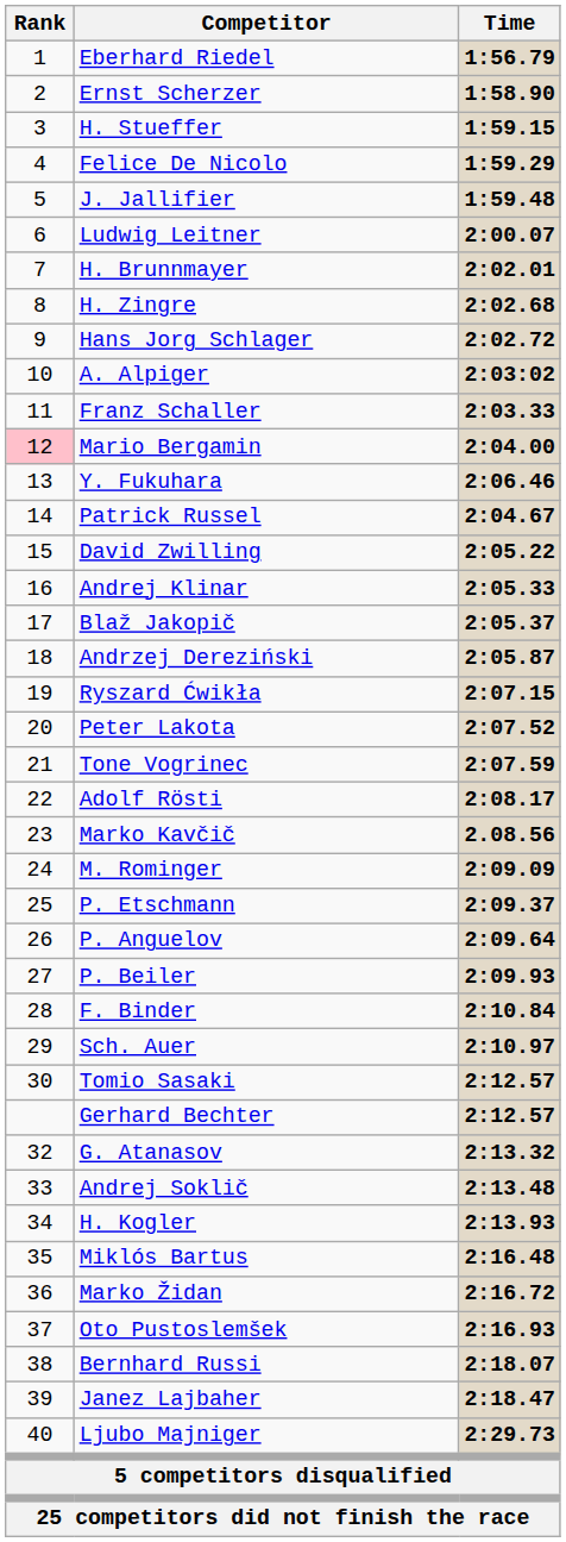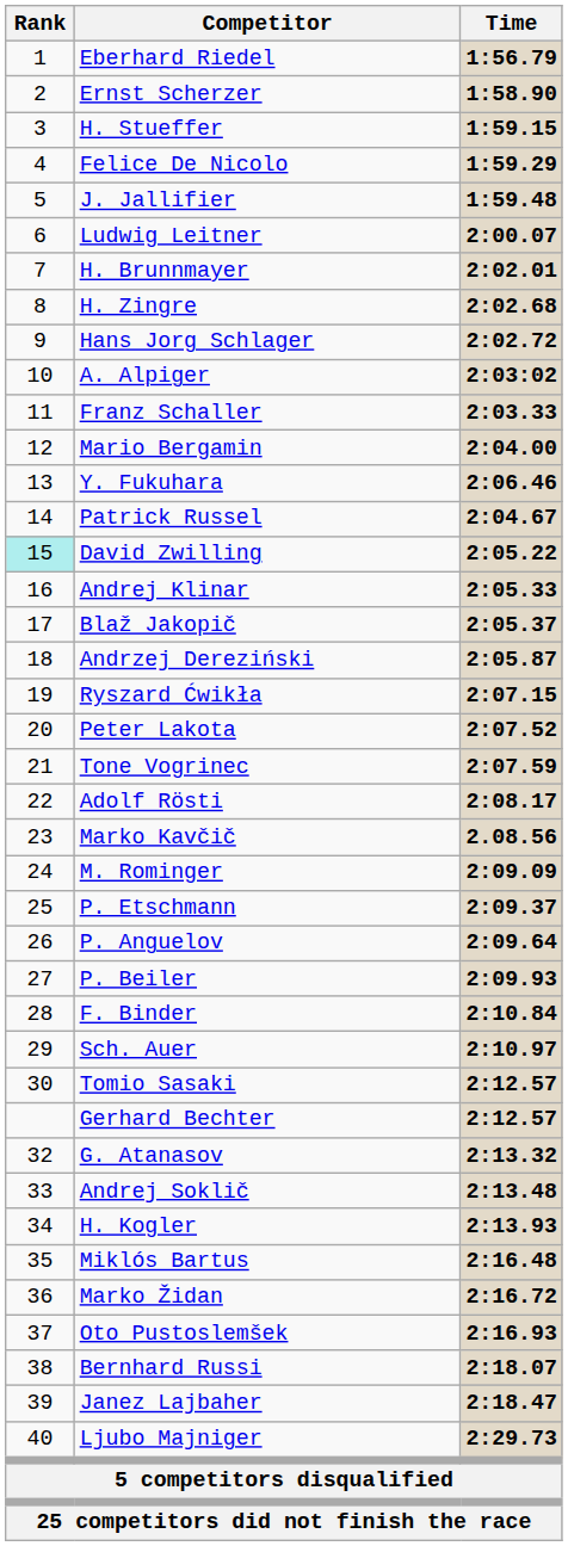 <table class="wikitable">
 <tr>
 <th width=35>Rank</th>
 <th width=225>Competitor</th>
 <th width=50>Time</th>
 </tr>
 <tr>
 <td align=center>1</td>
 <td> <a href='#'>Eberhard Riedel</a></td>
 <td align=center bgcolor=#E3DAC9><strong>1:56.79</strong></td>
 </tr>
 <tr>
 <td align=center>2</td>
 <td> <a href='#'>Ernst Scherzer</a></td>
 <td align=center bgcolor=#E3DAC9><strong>1:58.90</strong></td>
 </tr>
 <tr>
 <td align=center>3</td>
 <td> <a href='#'>H. Stueffer</a></td>
 <td align=center bgcolor=#E3DAC9><strong>1:59.15</strong></td>
 </tr>
 <tr>
 <td align=center>4</td>
 <td> <a href='#'>Felice De Nicolo</a></td>
 <td align=center bgcolor=#E3DAC9><strong>1:59.29</strong></td>
 </tr>
 <tr>
 <td align=center>5</td>
 <td> <a href='#'>J. Jallifier</a></td>
 <td align=center bgcolor=#E3DAC9><strong>1:59.48</strong></td>
 </tr>
 <tr>
 <td align=center>6</td>
 <td> <a href='#'>Ludwig Leitner</a></td>
 <td align=center bgcolor=#E3DAC9><strong>2:00.07</strong></td>
 </tr>
 <tr>
 <td align=center>7</td>
 <td> <a href='#'>H. Brunnmayer</a></td>
 <td align=center bgcolor=#E3DAC9><strong>2:02.01</strong></td>
 </tr>
 <tr>
 <td align=center>8</td>
 <td> <a href='#'>H. Zingre</a></td>
 <td align=center bgcolor=#E3DAC9><strong>2:02.68</strong></td>
 </tr>
 <tr>
 <td align=center>9</td>
 <td> <a href='#'>Hans Jorg Schlager</a></td>
 <td align=center bgcolor=#E3DAC9><strong>2:02.72</strong></td>
 </tr>
 <tr>
 <td align=center>10</td>
 <td> <a href='#'>A. Alpiger</a></td>
 <td align=center bgcolor=#E3DAC9><strong>2:03:02</strong></td>
 </tr>
 <tr>
 <td align=center>11</td>
 <td> <a href='#'>Franz Schaller</a></td>
 <td align=center bgcolor=#E3DAC9><strong>2:03.33</strong></td>
 </tr>
 <tr>
-<td align=center style="background: pink;">12</td>
+<td align=center>12</td>
 <td> <a href='#'>Mario Bergamin</a></td>
 <td align=center bgcolor=#E3DAC9><strong>2:04.00</strong></td>
 </tr>
 <tr>
 <td align=center>13</td>
 <td> <a href='#'>Y. Fukuhara</a></td>
 <td align=center bgcolor=#E3DAC9><strong>2:06.46</strong></td>
 </tr>
 <tr>
 <td align=center>14</td>
 <td> <a href='#'>Patrick Russel</a></td>
 <td align=center bgcolor=#E3DAC9><strong>2:04.67</strong></td>
 </tr>
 <tr>
-<td align=center>15</td>
+<td align=center style="background: paleturquoise;">15</td>
 <td> <a href='#'>David Zwilling</a></td>
 <td align=center bgcolor=#E3DAC9><strong>2:05.22</strong></td>
 </tr>
 <tr>
 <td align=center>16</td>
 <td> <a href='#'>Andrej Klinar</a></td>
 <td align=center bgcolor=#E3DAC9><strong>2:05.33</strong></td>
 </tr>
 <tr>
 <td align=center>17</td>
 <td> <a href='#'>Blaž Jakopič</a></td>
 <td align=center bgcolor=#E3DAC9><strong>2:05.37</strong></td>
 </tr>
 <tr>
 <td align=center>18</td>
 <td> <a href='#'>Andrzej Dereziński</a></td>
 <td align=center bgcolor=#E3DAC9><strong>2:05.87</strong></td>
 </tr>
 <tr>
 <td align=center>19</td>
 <td> <a href='#'>Ryszard Ćwikła</a></td>
 <td align=center bgcolor=#E3DAC9><strong>2:07.15</strong></td>
 </tr>
 <tr>
 <td align=center>20</td>
 <td> <a href='#'>Peter Lakota</a></td>
 <td align=center bgcolor=#E3DAC9><strong>2:07.52</strong></td>
 </tr>
 <tr>
 <td align=center>21</td>
 <td> <a href='#'>Tone Vogrinec</a></td>
 <td align=center bgcolor=#E3DAC9><strong>2:07.59</strong></td>
 </tr>
 <tr>
 <td align=center>22</td>
 <td> <a href='#'>Adolf Rösti</a></td>
 <td align=center bgcolor=#E3DAC9><strong>2:08.17</strong></td>
 </tr>
 <tr>
 <td align=center>23</td>
 <td> <a href='#'>Marko Kavčič</a></td>
 <td align=center bgcolor=#E3DAC9><strong>2.08.56</strong></td>
 </tr>
 <tr>
 <td align=center>24</td>
 <td> <a href='#'>M. Rominger</a></td>
 <td align=center bgcolor=#E3DAC9><strong>2:09.09</strong></td>
 </tr>
 <tr>
 <td align=center>25</td>
 <td> <a href='#'>P. Etschmann</a></td>
 <td align=center bgcolor=#E3DAC9><strong>2:09.37</strong></td>
 </tr>
 <tr>
 <td align=center>26</td>
 <td> <a href='#'>P. Anguelov</a></td>
 <td align=center bgcolor=#E3DAC9><strong>2:09.64</strong></td>
 </tr>
 <tr>
 <td align=center>27</td>
 <td> <a href='#'>P. Beiler</a></td>
 <td align=center bgcolor=#E3DAC9><strong>2:09.93</strong></td>
 </tr>
 <tr>
 <td align=center>28</td>
 <td> <a href='#'>F. Binder</a></td>
 <td align=center bgcolor=#E3DAC9><strong>2:10.84</strong></td>
 </tr>
 <tr>
 <td align=center>29</td>
 <td> <a href='#'>Sch. Auer</a></td>
 <td align=center bgcolor=#E3DAC9><strong>2:10.97</strong></td>
 </tr>
 <tr>
 <td align=center>30</td>
 <td> <a href='#'>Tomio Sasaki</a></td>
 <td align=center bgcolor=#E3DAC9><strong>2:12.57</strong></td>
 </tr>
 <tr>
 <td align=center></td>
 <td> <a href='#'>Gerhard Bechter</a></td>
 <td align=center bgcolor=#E3DAC9><strong>2:12.57</strong></td>
 </tr>
 <tr>
 <td align=center>32</td>
 <td> <a href='#'>G. Atanasov</a></td>
 <td align=center bgcolor=#E3DAC9><strong>2:13.32</strong></td>
 </tr>
 <tr>
 <td align=center>33</td>
 <td> <a href='#'>Andrej Soklič</a></td>
 <td align=center bgcolor=#E3DAC9><strong>2:13.48</strong></td>
 </tr>
 <tr>
 <td align=center>34</td>
 <td> <a href='#'>H. Kogler</a></td>
 <td align=center bgcolor=#E3DAC9><strong>2:13.93</strong></td>
 </tr>
 <tr>
 <td align=center>35</td>
 <td> <a href='#'>Miklós Bartus</a></td>
 <td align=center bgcolor=#E3DAC9><strong>2:16.48</strong></td>
 </tr>
 <tr>
 <td align=center>36</td>
 <td> <a href='#'>Marko Židan</a></td>
 <td align=center bgcolor=#E3DAC9><strong>2:16.72</strong></td>
 </tr>
 <tr>
 <td align=center>37</td>
 <td> <a href='#'>Oto Pustoslemšek</a></td>
 <td align=center bgcolor=#E3DAC9><strong>2:16.93</strong></td>
 </tr>
 <tr>
 <td align=center>38</td>
 <td> <a href='#'>Bernhard Russi</a></td>
 <td align=center bgcolor=#E3DAC9><strong>2:18.07</strong></td>
 </tr>
 <tr>
 <td align=center>39</td>
 <td> <a href='#'>Janez Lajbaher</a></td>
 <td align=center bgcolor=#E3DAC9><strong>2:18.47</strong></td>
 </tr>
 <tr>
 <td align=center>40</td>
 <td> <a href='#'>Ljubo Majniger</a></td>
 <td align=center bgcolor=#E3DAC9><strong>2:29.73</strong></td>
 </tr>
 <tr>
 <th colspan=5 style="border-top-width:5px">5 competitors disqualified</th>
 </tr>
 <tr>
 <th colspan=5 style="border-top-width:5px">25 competitors did not finish the race</th>
 </tr>
 </table>
